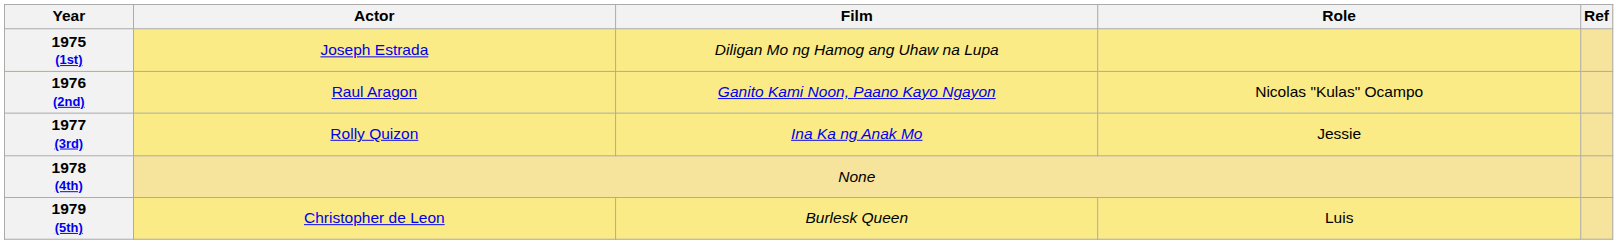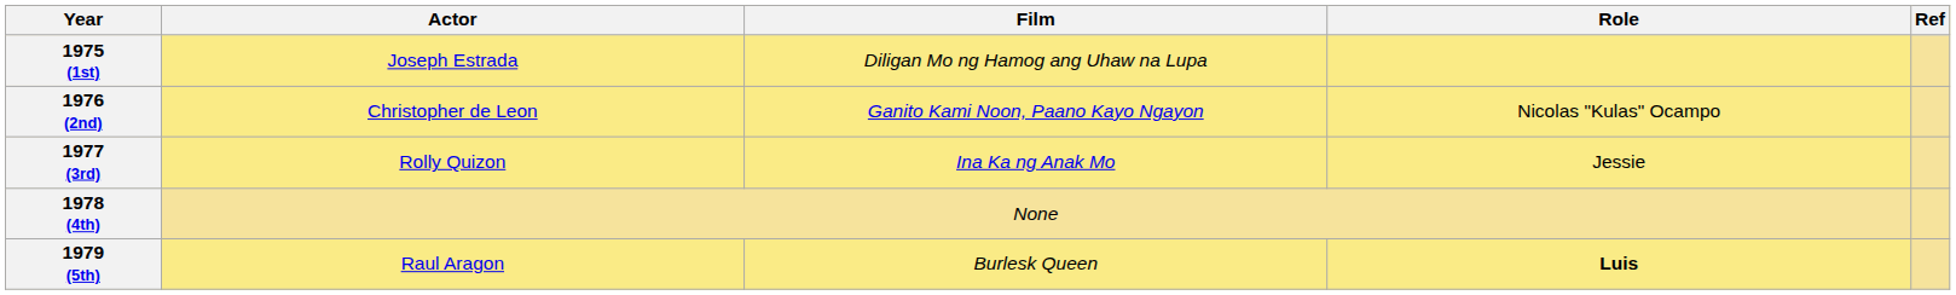 <table class="wikitable" rowspan="2" style="text-align:center; background: #f6e39c">
 <tr style="background:#bebebe;">
 <th scope="col" style="width:8%;">Year</th>
 <th scope="col" style="width:30%;">Actor</th>
 <th scope="col" style="width:30%;">Film</th>
 <th scope="col" style="width:30%;">Role</th>
 <th scope="col" style="width:2%;">Ref</th>
 </tr>
 <tr>
 <th scope="row" style="text-align:center">1975 <br><small><a href='#'>(1st)</a> </small></th>
 <td style="background:#FAEB86"><a href='#'>Joseph Estrada</a></td>
 <td style="background:#FAEB86"><em>Diligan Mo ng Hamog ang Uhaw na Lupa</em></td>
 <td style="background:#FAEB86"></td>
 <td></td>
 </tr>
 <tr>
 <th scope="row" style="text-align:center">1976 <br><small><a href='#'>(2nd)</a> </small></th>
-<td style="background:#FAEB86"><a href='#'>Raul Aragon</a></td>
+<td style="background:#FAEB86"><a href='#'>Christopher de Leon</a></td>
 <td style="background:#FAEB86"><em><a href='#'>Ganito Kami Noon, Paano Kayo Ngayon</a></em></td>
 <td style="background:#FAEB86">Nicolas "Kulas" Ocampo</td>
 <td></td>
 </tr>
 <tr>
 <th scope="row" style="text-align:center">1977 <br><small><a href='#'>(3rd)</a> </small></th>
 <td style="background:#FAEB86"><a href='#'>Rolly Quizon</a></td>
 <td style="background:#FAEB86"><em><a href='#'>Ina Ka ng Anak Mo</a></em></td>
 <td style="background:#FAEB86">Jessie</td>
 <td></td>
 </tr>
 <tr>
 <th scope="row" style="text-align:center">1978 <br><small><a href='#'>(4th)</a> </small></th>
 <td colspan=3><em>None</em></td>
 <td></td>
 </tr>
 <tr>
 <th scope="row" style="text-align:center">1979 <br><small><a href='#'>(5th)</a> </small></th>
-<td style="background:#FAEB86"><a href='#'>Christopher de Leon</a></td>
+<td style="background:#FAEB86"><a href='#'>Raul Aragon</a></td>
 <td style="background:#FAEB86"><em>Burlesk Queen</em></td>
-<td style="background:#FAEB86">Luis</td>
+<td style="background:#FAEB86"><strong>Luis</strong></td>
 <td></td>
 </tr>
 </table>
